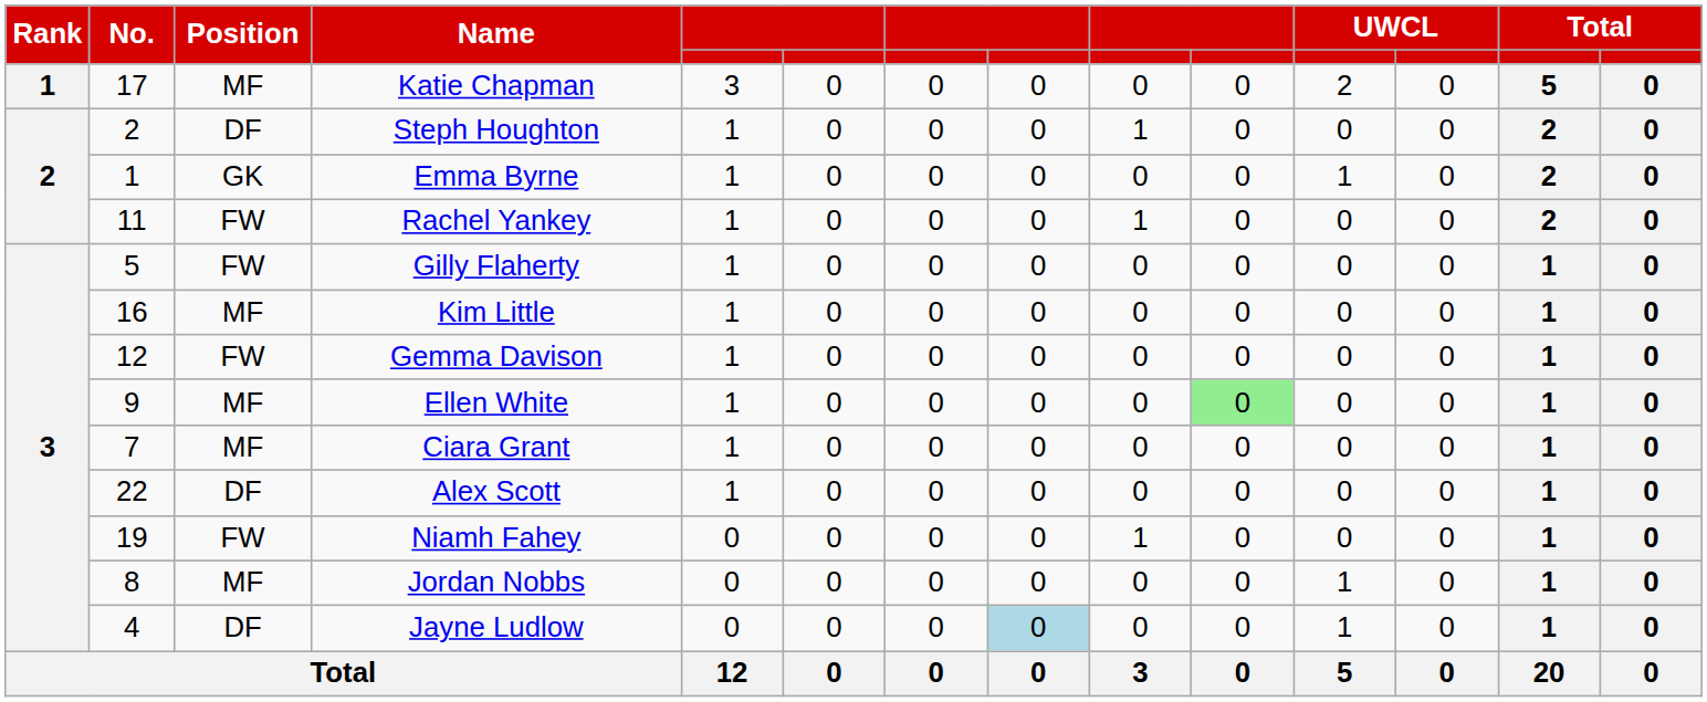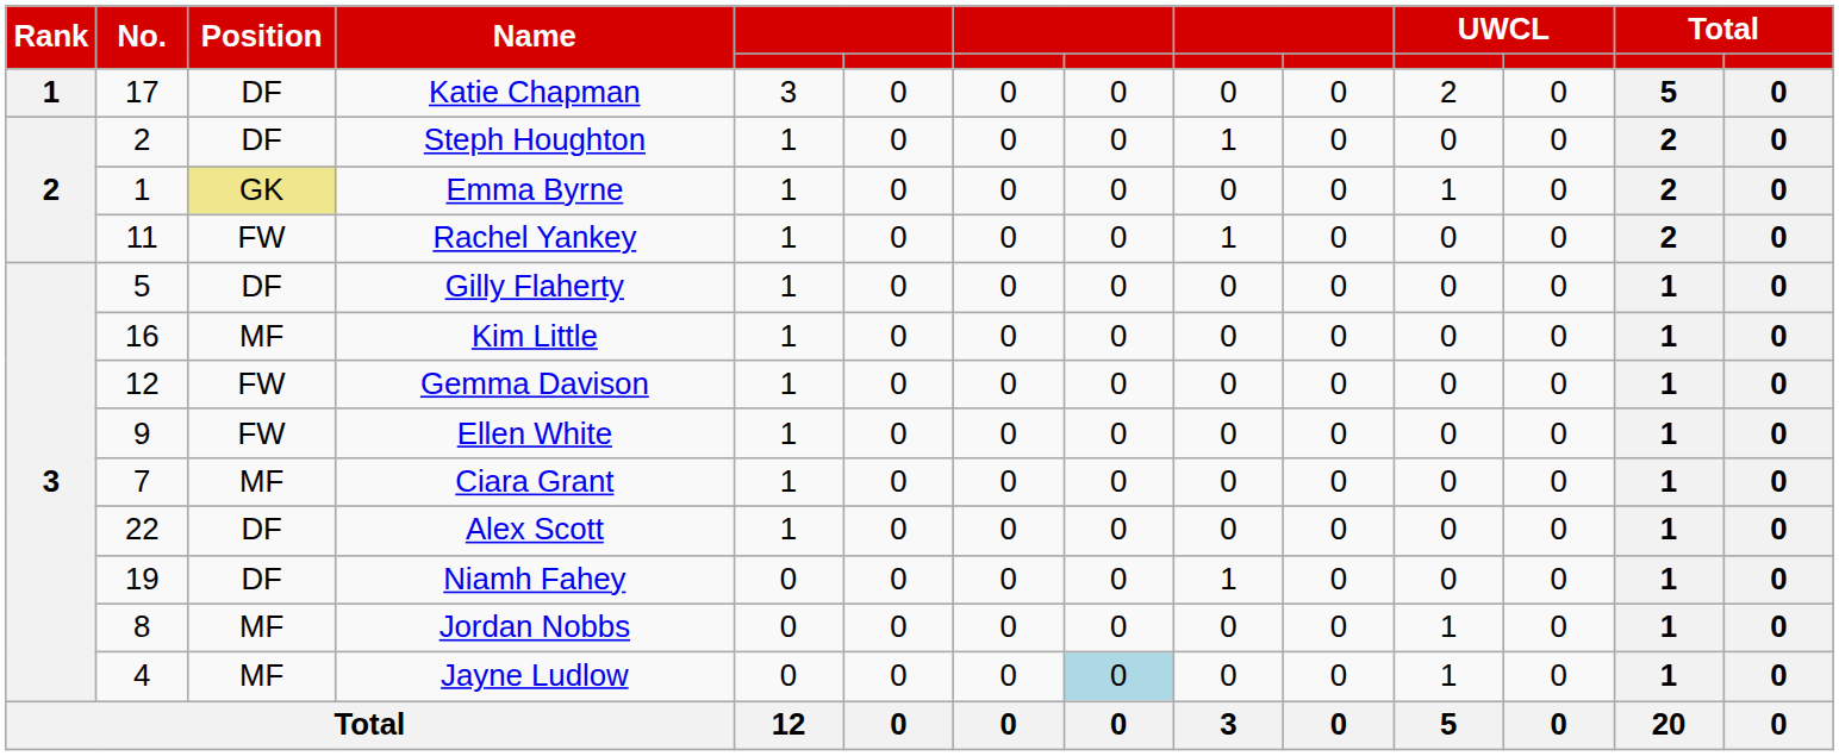 <table class="wikitable" style="text-align:center; font-size:100%; ">
 <tr>
 <th style="background:#d50000; color:white; text-align:center; width:40px" rowspan="2">Rank</th>
 <th style="background:#d50000; color:white; text-align:center; width:40px" rowspan="2">No.</th>
 <th rowspan="2" style="background:#d50000; color:white; text-align:center; width:70px">Position</th>
 <th style="background:#d50000; color:white; text-align:center; width:200px" rowspan="2">Name</th>
 <th style="background:#d50000; color:white; text-align:center;" colspan="2"><a href='#'></a></th>
 <th style="background:#d50000; color:white; text-align:center;" colspan="2"><a href='#'></a></th>
 <th style="background:#d50000; color:white; text-align:center;" colspan="2"></th>
 <th style="background:#d50000; color:white; text-align:center;" colspan="2">UWCL</th>
 <th colspan="2" style="background:#d50000; color:white; text-align:center;">Total</th>
 </tr>
 <tr>
 <th style="background:#d50000; color:white; text-align:center; width:50px;"></th>
 <th style="background:#d50000; color:white; text-align:center; width:50px;"></th>
 <th style="background:#d50000; color:white; text-align:center; width:50px;"></th>
 <th style="background:#d50000; color:white; text-align:center; width:50px;"></th>
 <th style="background:#d50000; color:white; text-align:center; width:50px;"></th>
 <th style="background:#d50000; color:white; text-align:center; width:50px;"></th>
 <th style="background:#d50000; color:white; text-align:center; width:50px;"></th>
 <th style="background:#d50000; color:white; text-align:center; width:50px;"></th>
 <th style="background:#d50000; color:white; text-align:center; width:50px;"></th>
 <th style="background:#d50000; color:white; text-align:center; width:50px;"></th>
 </tr>
 <tr>
 <th>1</th>
 <td>17</td>
-<td>MF</td>
+<td>DF</td>
 <td><em></em> <a href='#'>Katie Chapman</a></td>
 <td>3</td>
 <td>0</td>
 <td>0</td>
 <td>0</td>
 <td>0</td>
 <td>0</td>
 <td>2</td>
 <td>0</td>
 <th>5</th>
 <th>0</th>
 </tr>
 <tr>
 <th rowspan="3">2</th>
 <td>2</td>
 <td>DF</td>
 <td> <a href='#'>Steph Houghton</a></td>
 <td>1</td>
 <td>0</td>
 <td>0</td>
 <td>0</td>
 <td>1</td>
 <td>0</td>
 <td>0</td>
 <td>0</td>
 <th>2</th>
 <th>0</th>
 </tr>
 <tr>
 <td>1</td>
-<td>GK</td>
+<td style="background: khaki;">GK</td>
 <td> <a href='#'>Emma Byrne</a></td>
 <td>1</td>
 <td>0</td>
 <td>0</td>
 <td>0</td>
 <td>0</td>
 <td>0</td>
 <td>1</td>
 <td>0</td>
 <th>2</th>
 <th>0</th>
 </tr>
 <tr>
 <td>11</td>
 <td>FW</td>
 <td> <a href='#'>Rachel Yankey</a></td>
 <td>1</td>
 <td>0</td>
 <td>0</td>
 <td>0</td>
 <td>1</td>
 <td>0</td>
 <td>0</td>
 <td>0</td>
 <th>2</th>
 <th>0</th>
 </tr>
 <tr>
 <th rowspan="9">3</th>
 <td>5</td>
-<td>FW</td>
+<td>DF</td>
 <td> <a href='#'>Gilly Flaherty</a></td>
 <td>1</td>
 <td>0</td>
 <td>0</td>
 <td>0</td>
 <td>0</td>
 <td>0</td>
 <td>0</td>
 <td>0</td>
 <th>1</th>
 <th>0</th>
 </tr>
 <tr>
 <td>16</td>
 <td>MF</td>
 <td> <a href='#'>Kim Little</a></td>
 <td>1</td>
 <td>0</td>
 <td>0</td>
 <td>0</td>
 <td>0</td>
 <td>0</td>
 <td>0</td>
 <td>0</td>
 <th>1</th>
 <th>0</th>
 </tr>
 <tr>
 <td>12</td>
 <td>FW</td>
 <td> <a href='#'>Gemma Davison</a></td>
 <td>1</td>
 <td>0</td>
 <td>0</td>
 <td>0</td>
 <td>0</td>
 <td>0</td>
 <td>0</td>
 <td>0</td>
 <th>1</th>
 <th>0</th>
 </tr>
 <tr>
 <td>9</td>
-<td>MF</td>
+<td>FW</td>
 <td> <a href='#'>Ellen White</a></td>
 <td>1</td>
 <td>0</td>
 <td>0</td>
 <td>0</td>
 <td>0</td>
-<td style="background: lightgreen;">0</td>
+<td>0</td>
 <td>0</td>
 <td>0</td>
 <th>1</th>
 <th>0</th>
 </tr>
 <tr>
 <td>7</td>
 <td>MF</td>
 <td> <a href='#'>Ciara Grant</a></td>
 <td>1</td>
 <td>0</td>
 <td>0</td>
 <td>0</td>
 <td>0</td>
 <td>0</td>
 <td>0</td>
 <td>0</td>
 <th>1</th>
 <th>0</th>
 </tr>
 <tr>
 <td>22</td>
 <td>DF</td>
 <td> <a href='#'>Alex Scott</a></td>
 <td>1</td>
 <td>0</td>
 <td>0</td>
 <td>0</td>
 <td>0</td>
 <td>0</td>
 <td>0</td>
 <td>0</td>
 <th>1</th>
 <th>0</th>
 </tr>
 <tr>
 <td>19</td>
-<td>FW</td>
+<td>DF</td>
 <td> <a href='#'>Niamh Fahey</a></td>
 <td>0</td>
 <td>0</td>
 <td>0</td>
 <td>0</td>
 <td>1</td>
 <td>0</td>
 <td>0</td>
 <td>0</td>
 <th>1</th>
 <th>0</th>
 </tr>
 <tr>
 <td>8</td>
 <td>MF</td>
 <td> <a href='#'>Jordan Nobbs</a></td>
 <td>0</td>
 <td>0</td>
 <td>0</td>
 <td>0</td>
 <td>0</td>
 <td>0</td>
 <td>1</td>
 <td>0</td>
 <th>1</th>
 <th>0</th>
 </tr>
 <tr>
 <td>4</td>
-<td>DF</td>
+<td>MF</td>
 <td> <a href='#'>Jayne Ludlow</a></td>
 <td>0</td>
 <td>0</td>
 <td>0</td>
 <td style="background: lightblue;">0</td>
 <td>0</td>
 <td>0</td>
 <td>1</td>
 <td>0</td>
 <th>1</th>
 <th>0</th>
 </tr>
 <tr>
 <th colspan="4">Total</th>
 <th>12</th>
 <th>0</th>
 <th>0</th>
 <th>0</th>
 <th>3</th>
 <th>0</th>
 <th>5</th>
 <th>0</th>
 <th>20</th>
 <th>0</th>
 </tr>
 </table>
